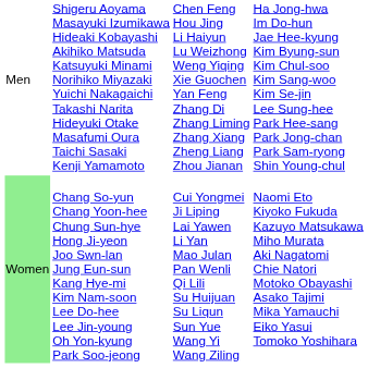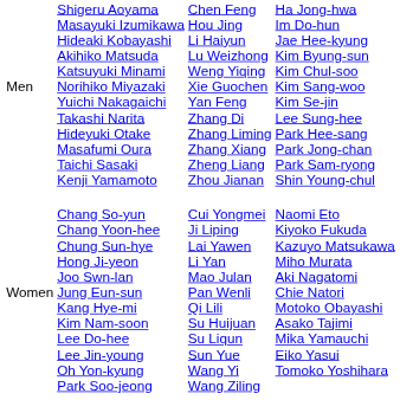 <table>
 <tr>
 <td>Men<br></td>
 <td><br><a href='#'>Shigeru Aoyama</a><br><a href='#'>Masayuki Izumikawa</a><br><a href='#'>Hideaki Kobayashi</a><br><a href='#'>Akihiko Matsuda</a><br><a href='#'>Katsuyuki Minami</a><br><a href='#'>Norihiko Miyazaki</a><br><a href='#'>Yuichi Nakagaichi</a><br><a href='#'>Takashi Narita</a><br><a href='#'>Hideyuki Otake</a><br><a href='#'>Masafumi Oura</a><br><a href='#'>Taichi Sasaki</a><br><a href='#'>Kenji Yamamoto</a></td>
 <td><br><a href='#'>Chen Feng</a><br><a href='#'>Hou Jing</a><br><a href='#'>Li Haiyun</a><br><a href='#'>Lu Weizhong</a><br><a href='#'>Weng Yiqing</a><br><a href='#'>Xie Guochen</a><br><a href='#'>Yan Feng</a><br><a href='#'>Zhang Di</a><br><a href='#'>Zhang Liming</a><br><a href='#'>Zhang Xiang</a><br><a href='#'>Zheng Liang</a><br><a href='#'>Zhou Jianan</a></td>
 <td><br><a href='#'>Ha Jong-hwa</a><br><a href='#'>Im Do-hun</a><br><a href='#'>Jae Hee-kyung</a><br><a href='#'>Kim Byung-sun</a><br><a href='#'>Kim Chul-soo</a><br><a href='#'>Kim Sang-woo</a><br><a href='#'>Kim Se-jin</a><br><a href='#'>Lee Sung-hee</a><br><a href='#'>Park Hee-sang</a><br><a href='#'>Park Jong-chan</a><br><a href='#'>Park Sam-ryong</a><br><a href='#'>Shin Young-chul</a></td>
 </tr>
 <tr>
-<td style="background: lightgreen;">Women<br></td>
+<td>Women<br></td>
 <td><br><a href='#'>Chang So-yun</a><br><a href='#'>Chang Yoon-hee</a><br><a href='#'>Chung Sun-hye</a><br><a href='#'>Hong Ji-yeon</a><br><a href='#'>Joo Swn-lan</a><br><a href='#'>Jung Eun-sun</a><br><a href='#'>Kang Hye-mi</a><br><a href='#'>Kim Nam-soon</a><br><a href='#'>Lee Do-hee</a><br><a href='#'>Lee Jin-young</a><br><a href='#'>Oh Yon-kyung</a><br><a href='#'>Park Soo-jeong</a></td>
 <td><br><a href='#'>Cui Yongmei</a><br><a href='#'>Ji Liping</a><br><a href='#'>Lai Yawen</a><br><a href='#'>Li Yan</a><br><a href='#'>Mao Julan</a><br><a href='#'>Pan Wenli</a><br><a href='#'>Qi Lili</a><br><a href='#'>Su Huijuan</a><br><a href='#'>Su Liqun</a><br><a href='#'>Sun Yue</a><br><a href='#'>Wang Yi</a><br><a href='#'>Wang Ziling</a></td>
 <td valign=top><br><a href='#'>Naomi Eto</a><br><a href='#'>Kiyoko Fukuda</a><br><a href='#'>Kazuyo Matsukawa</a><br><a href='#'>Miho Murata</a><br><a href='#'>Aki Nagatomi</a><br><a href='#'>Chie Natori</a><br><a href='#'>Motoko Obayashi</a><br><a href='#'>Asako Tajimi</a><br><a href='#'>Mika Yamauchi</a><br><a href='#'>Eiko Yasui</a><br><a href='#'>Tomoko Yoshihara</a></td>
 </tr>
 </table>
